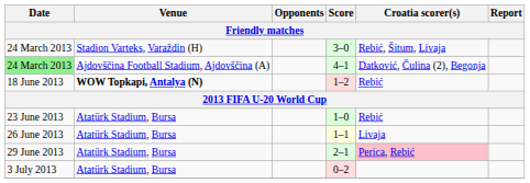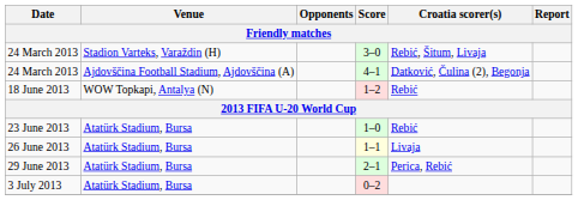 <table class="wikitable" width=85%; style="font-size:95%;">
 <tr>
 <th>Date</th>
 <th>Venue</th>
 <th>Opponents</th>
 <th>Score</th>
 <th>Croatia scorer(s)</th>
 <th>Report</th>
 </tr>
 <tr>
 <th colspan=7><a href='#'>Friendly matches</a></th>
 </tr>
 <tr>
 <td>24 March 2013</td>
 <td><a href='#'>Stadion Varteks</a>, <a href='#'>Varaždin</a> (H)</td>
 <td></td>
 <td align=center bgcolor=ddffdd>3–0</td>
 <td><a href='#'>Rebić</a>, <a href='#'>Šitum</a>, <a href='#'>Livaja</a></td>
 <td></td>
 </tr>
 <tr>
-<td style="background: lightgreen;">24 March 2013</td>
+<td>24 March 2013</td>
 <td><a href='#'>Ajdovščina Football Stadium</a>, <a href='#'>Ajdovščina</a> (A)</td>
 <td></td>
 <td align=center bgcolor=ddffdd>4–1</td>
 <td><a href='#'>Datković</a>, <a href='#'>Čulina</a> (2), <a href='#'>Begonja</a></td>
 <td></td>
 </tr>
 <tr>
 <td>18 June 2013</td>
-<td><strong>WOW Topkapi, <a href='#'>Antalya</a> (N)</strong></td>
+<td>WOW Topkapi, <a href='#'>Antalya</a> (N)</td>
 <td></td>
 <td align=center bgcolor=ffdddd>1–2</td>
 <td><a href='#'>Rebić</a></td>
 <td></td>
 </tr>
 <tr>
 <th colspan=7><a href='#'>2013 FIFA U-20 World Cup</a></th>
 </tr>
 <tr>
 <td>23 June 2013</td>
 <td><a href='#'>Atatürk Stadium</a>, <a href='#'>Bursa</a></td>
 <td></td>
 <td align=center bgcolor=ddffdd>1–0</td>
 <td><a href='#'>Rebić</a></td>
 <td></td>
 </tr>
 <tr>
 <td>26 June 2013</td>
 <td><a href='#'>Atatürk Stadium</a>, <a href='#'>Bursa</a></td>
 <td></td>
 <td align=center bgcolor=ffffdd>1–1</td>
 <td><a href='#'>Livaja</a></td>
 <td></td>
 </tr>
 <tr>
 <td>29 June 2013</td>
 <td><a href='#'>Atatürk Stadium</a>, <a href='#'>Bursa</a></td>
 <td></td>
 <td align=center bgcolor=ddffdd>2–1</td>
-<td style="background: pink;"><a href='#'>Perica</a>, <a href='#'>Rebić</a></td>
+<td><a href='#'>Perica</a>, <a href='#'>Rebić</a></td>
 <td></td>
 </tr>
 <tr>
 <td>3 July 2013</td>
 <td><a href='#'>Atatürk Stadium</a>, <a href='#'>Bursa</a></td>
 <td></td>
 <td align=center bgcolor=ffdddd>0–2</td>
 <td></td>
 <td></td>
 </tr>
 <tr>
 </tr>
 </table>
